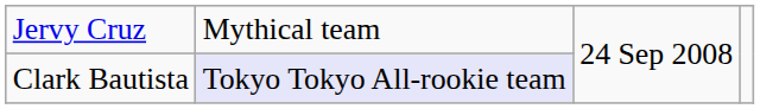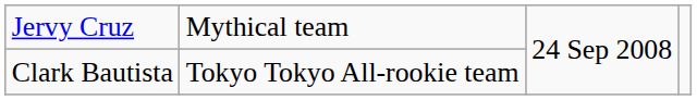 <table class=wikitable>
 <tr>
 <td><a href='#'>Jervy Cruz</a></td>
 <td>Mythical team</td>
 <td rowspan=2>24 Sep 2008</td>
 <td align=center rowspan=2></td>
 </tr>
 <tr>
 <td>Clark Bautista</td>
-<td style="background: lavender;">Tokyo Tokyo All-rookie team</td>
+<td>Tokyo Tokyo All-rookie team</td>
 </tr>
 </table>
